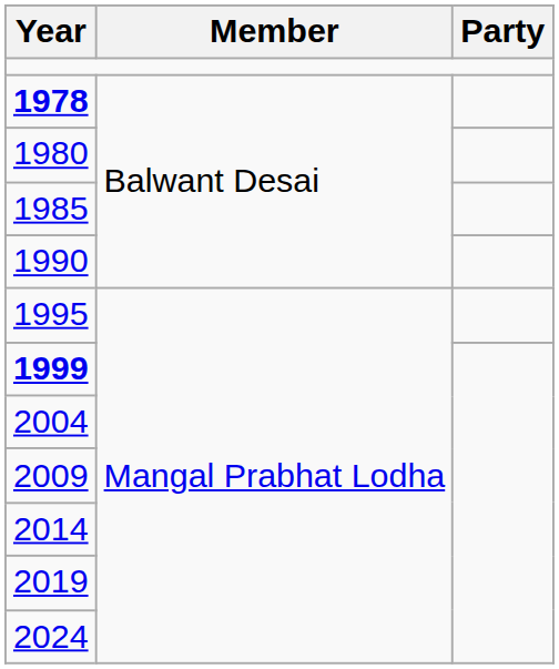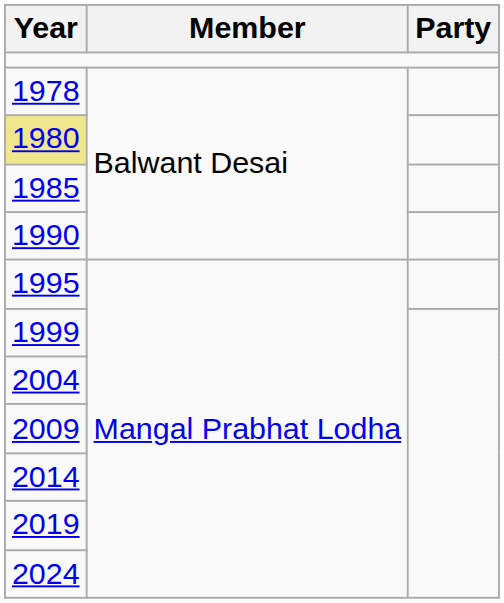 <table class="wikitable">
 <tr>
 <th>Year</th>
 <th>Member</th>
 <th colspan="2">Party</th>
 </tr>
 <tr>
 <td colspan="4"></td>
 </tr>
 <tr>
-<td><strong><a href='#'>1978</a></strong></td>
+<td><a href='#'>1978</a></td>
 <td rowspan="4">Balwant Desai</td>
 <td></td>
 </tr>
 <tr>
-<td><a href='#'>1980</a></td>
+<td style="background: khaki;"><a href='#'>1980</a></td>
 <td></td>
 </tr>
 <tr>
 <td><a href='#'>1985</a></td>
 <td></td>
 </tr>
 <tr>
 <td><a href='#'>1990</a></td>
 </tr>
 <tr>
 <td><a href='#'>1995</a></td>
 <td rowspan="7"><a href='#'>Mangal Prabhat Lodha</a></td>
 <td></td>
 </tr>
 <tr>
-<td><strong><a href='#'>1999</a></strong></td>
+<td><a href='#'>1999</a></td>
 </tr>
 <tr>
 <td><a href='#'>2004</a></td>
 </tr>
 <tr>
 <td><a href='#'>2009</a></td>
 </tr>
 <tr>
 <td><a href='#'>2014</a></td>
 </tr>
 <tr>
 <td><a href='#'>2019</a></td>
 </tr>
 <tr>
 <td><a href='#'>2024</a></td>
 </tr>
 </table>
